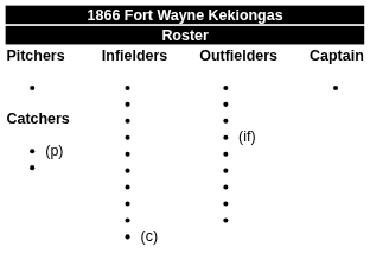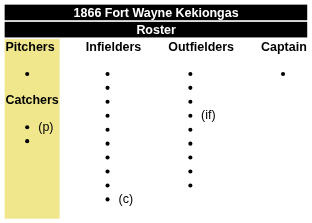 <table class="toccolours" style="font-size: 95%;">
 <tr>
 <th colspan="10" style="background-color: black; color: white; text-align: center;">1866 Fort Wayne Kekiongas</th>
 </tr>
 <tr>
 <td colspan="10" style="background-color:black; color: white; text-align: center;"><strong>Roster</strong></td>
 </tr>
 <tr>
-<td valign="top"><strong>Pitchers</strong><br><ul><li></li></ul><strong>Catchers</strong><ul><li> (p)</li><li></li></ul></td>
+<td valign="top" style="background: khaki;"><strong>Pitchers</strong><br><ul><li></li></ul><strong>Catchers</strong><ul><li> (p)</li><li></li></ul></td>
 <td width="25px"></td>
 <td valign="top"><strong>Infielders</strong><br><ul><li></li><li></li><li></li><li></li><li></li><li></li><li></li><li></li><li></li><li> (c)</li></ul></td>
 <td width="25px"></td>
 <td valign="top"><strong>Outfielders</strong><br><ul><li></li><li></li><li></li><li> (if)</li><li></li><li></li><li></li><li></li><li></li></ul></td>
 <td width="25px"></td>
 <td valign="top"><strong>Captain</strong><br><ul><li></li></ul></td>
 </tr>
 </table>
